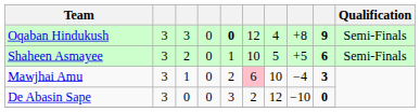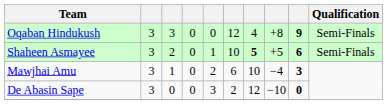 <table class="wikitable" style="text-align:center">
 <tr>
 <th width="175">Team</th>
 <th width="20"></th>
 <th width="20"></th>
 <th width="20"></th>
 <th width="20"></th>
 <th width="20"></th>
 <th width="20"></th>
 <th width="20"></th>
 <th width="20"></th>
 <th width="20">Qualification</th>
 </tr>
 <tr bgcolor="#ccffcc">
 <td align=left><a href='#'>Oqaban Hindukush</a></td>
 <td>3</td>
 <td>3</td>
 <td>0</td>
-<td><strong>0</strong></td>
+<td>0</td>
 <td>12</td>
 <td>4</td>
 <td>+8</td>
 <td><strong>9</strong></td>
 <td>Semi-Finals</td>
 </tr>
 <tr bgcolor="#ccffcc">
 <td align=left><a href='#'>Shaheen Asmayee</a></td>
 <td>3</td>
 <td>2</td>
 <td>0</td>
 <td>1</td>
 <td>10</td>
-<td>5</td>
+<td><strong>5</strong></td>
 <td>+5</td>
 <td><strong>6</strong></td>
 <td>Semi-Finals</td>
 </tr>
 <tr>
 <td align=left><a href='#'>Mawjhai Amu</a></td>
 <td>3</td>
 <td>1</td>
 <td>0</td>
 <td>2</td>
-<td style="background: pink;">6</td>
+<td>6</td>
 <td>10</td>
 <td>−4</td>
 <td><strong>3</strong></td>
 </tr>
 <tr>
 <td align=left><a href='#'>De Abasin Sape</a></td>
 <td>3</td>
 <td>0</td>
 <td>0</td>
 <td>3</td>
 <td>2</td>
 <td>12</td>
 <td>−10</td>
 <td><strong>0</strong></td>
 </tr>
 <tr>
 </tr>
 </table>
